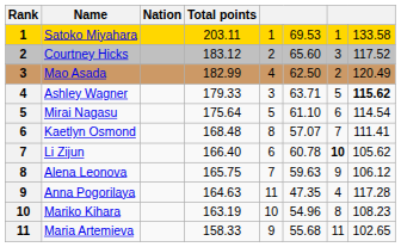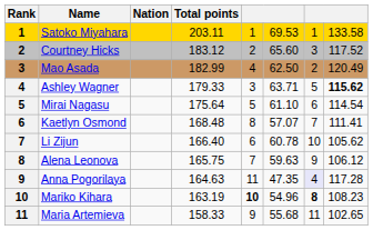 <table class="wikitable sortable">
 <tr>
 <th>Rank</th>
 <th>Name</th>
 <th>Nation</th>
 <th>Total points</th>
 <th colspan="2" width="80px"></th>
 <th colspan="2" width="80px"></th>
 </tr>
 <tr bgcolor="gold">
 <td align="center"><strong>1</strong></td>
 <td><a href='#'>Satoko Miyahara</a></td>
 <td></td>
 <td align="center">203.11</td>
 <td align="center">1</td>
 <td align="center">69.53</td>
 <td align="center">1</td>
 <td align="center">133.58</td>
 </tr>
 <tr bgcolor="silver">
 <td align="center"><strong>2</strong></td>
 <td><a href='#'>Courtney Hicks</a></td>
 <td></td>
 <td align="center">183.12</td>
 <td align="center">2</td>
 <td align="center">65.60</td>
 <td align="center">3</td>
 <td align="center">117.52</td>
 </tr>
 <tr bgcolor="cc9966">
 <td align="center"><strong>3</strong></td>
 <td><a href='#'>Mao Asada</a></td>
 <td></td>
 <td align="center">182.99</td>
 <td align="center">4</td>
 <td align="center">62.50</td>
 <td align="center">2</td>
 <td align="center">120.49</td>
 </tr>
 <tr>
 <th>4</th>
 <td><a href='#'>Ashley Wagner</a></td>
 <td></td>
 <td align="center">179.33</td>
 <td align="center">3</td>
 <td align="center">63.71</td>
 <td align="center">5</td>
 <td align="center"><strong>115.62</strong></td>
 </tr>
 <tr>
 <th>5</th>
 <td><a href='#'>Mirai Nagasu</a></td>
 <td></td>
 <td align="center">175.64</td>
 <td align="center">5</td>
 <td align="center">61.10</td>
 <td align="center">6</td>
 <td align="center">114.54</td>
 </tr>
 <tr>
 <th>6</th>
 <td><a href='#'>Kaetlyn Osmond</a></td>
 <td></td>
 <td align="center">168.48</td>
 <td align="center">8</td>
 <td align="center">57.07</td>
 <td align="center">7</td>
 <td align="center">111.41</td>
 </tr>
 <tr>
 <th>7</th>
 <td><a href='#'>Li Zijun</a></td>
 <td></td>
 <td align="center">166.40</td>
 <td align="center">6</td>
 <td align="center">60.78</td>
-<td align="center"><strong>10</strong></td>
+<td align="center">10</td>
 <td align="center">105.62</td>
 </tr>
 <tr>
 <th>8</th>
 <td><a href='#'>Alena Leonova</a></td>
 <td></td>
 <td align="center">165.75</td>
 <td align="center">7</td>
 <td align="center">59.63</td>
 <td align="center">9</td>
 <td align="center">106.12</td>
 </tr>
 <tr>
 <th>9</th>
 <td><a href='#'>Anna Pogorilaya</a></td>
 <td></td>
 <td align="center">164.63</td>
 <td align="center">11</td>
 <td align="center">47.35</td>
-<td align="center">4</td>
+<td align="center" style="background: lavender;">4</td>
 <td align="center">117.28</td>
 </tr>
 <tr>
 <th>10</th>
 <td><a href='#'>Mariko Kihara</a></td>
 <td></td>
 <td align="center">163.19</td>
-<td align="center">10</td>
+<td align="center"><strong>10</strong></td>
 <td align="center">54.96</td>
-<td align="center">8</td>
+<td align="center"><strong>8</strong></td>
 <td align="center">108.23</td>
 </tr>
 <tr>
 <th>11</th>
 <td><a href='#'>Maria Artemieva</a></td>
 <td></td>
 <td align="center">158.33</td>
 <td align="center">9</td>
 <td align="center">55.68</td>
 <td align="center">11</td>
 <td align="center">102.65</td>
 </tr>
 </table>
